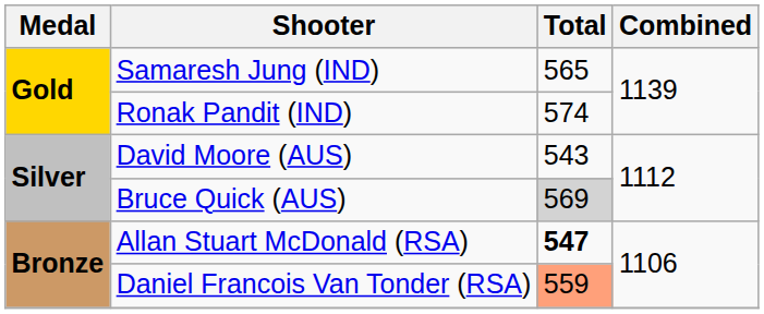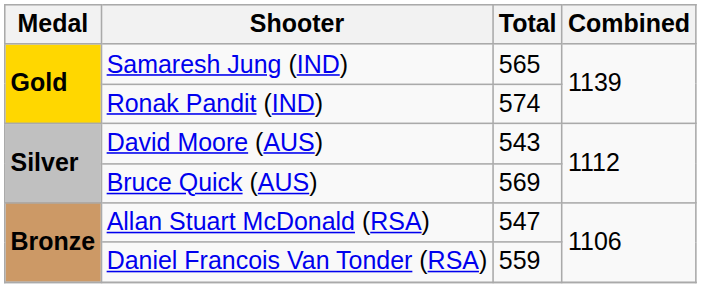 <table class="wikitable">
 <tr>
 <th>Medal</th>
 <th>Shooter</th>
 <th>Total</th>
 <th>Combined</th>
 </tr>
 <tr>
 <td rowspan="2" bgcolor="gold"><strong>Gold</strong></td>
 <td> <a href='#'>Samaresh Jung</a> (<a href='#'>IND</a>)</td>
 <td>565</td>
 <td rowspan="2">1139</td>
 </tr>
 <tr>
 <td> <a href='#'>Ronak Pandit</a> (<a href='#'>IND</a>)</td>
 <td>574</td>
 </tr>
 <tr>
 <td rowspan="2" bgcolor="silver"><strong>Silver</strong></td>
 <td> <a href='#'>David Moore</a> (<a href='#'>AUS</a>)</td>
 <td>543</td>
 <td rowspan="2">1112</td>
 </tr>
 <tr>
 <td> <a href='#'>Bruce Quick</a> (<a href='#'>AUS</a>)</td>
-<td style="background: lightgrey;">569</td>
+<td>569</td>
 </tr>
 <tr>
 <td rowspan="2" bgcolor="cc9966"><strong>Bronze</strong></td>
 <td> <a href='#'>Allan Stuart McDonald</a> (<a href='#'>RSA</a>)</td>
-<td><strong>547</strong></td>
+<td>547</td>
 <td rowspan="2">1106</td>
 </tr>
 <tr>
 <td> <a href='#'>Daniel Francois Van Tonder</a> (<a href='#'>RSA</a>)</td>
-<td style="background: lightsalmon;">559</td>
+<td>559</td>
 </tr>
 <tr>
 </tr>
 </table>
